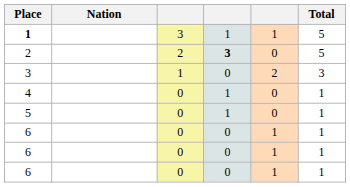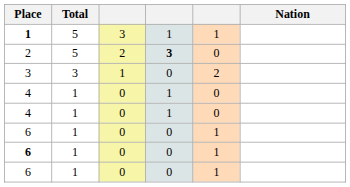 <table class=wikitable style="border:1px solid #AAAAAA;font-size:90%">
 <tr bgcolor="#EFEFEF">
 <th width=50>Place</th>
-<th width=120>Nation</th>
+<th width=50>Total</th>
 <th width=50></th>
 <th width=50></th>
 <th width=50></th>
-<th width=50>Total</th>
+<th width=120>Nation</th>
 </tr>
 <tr align="center" valign="top" bgcolor="#FFFFFF">
 <td><strong>1</strong></td>
-<td align="left"><strong></strong></td>
+<td>5</td>
 <td style="background:#F7F6A8;">3</td>
 <td style="background:#DCE5E5;">1</td>
 <td style="background:#FFDAB9;">1</td>
-<td>5</td>
+<td align="left"><strong></strong></td>
 </tr>
 <tr align="center" valign="top" bgcolor="#FFFFFF">
 <td>2</td>
-<td align="left"></td>
+<td>5</td>
 <td style="background:#F7F6A8;">2</td>
 <td style="background:#DCE5E5;"><strong>3</strong></td>
 <td style="background:#FFDAB9;">0</td>
-<td>5</td>
+<td align="left"></td>
 </tr>
 <tr align="center" valign="top" bgcolor="#FFFFFF">
 <td>3</td>
-<td align="left"></td>
+<td>3</td>
 <td style="background:#F7F6A8;">1</td>
 <td style="background:#DCE5E5;">0</td>
 <td style="background:#FFDAB9;">2</td>
-<td>3</td>
+<td align="left"></td>
 </tr>
 <tr align="center" valign="top" bgcolor="#FFFFFF">
 <td>4</td>
-<td align="left"></td>
+<td>1</td>
 <td style="background:#F7F6A8;">0</td>
 <td style="background:#DCE5E5;">1</td>
 <td style="background:#FFDAB9;">0</td>
-<td>1</td>
+<td align="left"></td>
 </tr>
 <tr align="center" valign="top" bgcolor="#FFFFFF">
-<td>5</td>
-<td align="left"></td>
+<td>4</td>
+<td>1</td>
 <td style="background:#F7F6A8;">0</td>
 <td style="background:#DCE5E5;">1</td>
 <td style="background:#FFDAB9;">0</td>
-<td>1</td>
+<td align="left"></td>
 </tr>
 <tr align="center" valign="top" bgcolor="#FFFFFF">
 <td>6</td>
-<td align="left"></td>
+<td>1</td>
 <td style="background:#F7F6A8;">0</td>
 <td style="background:#DCE5E5;">0</td>
 <td style="background:#FFDAB9;">1</td>
+<td align="left"></td>
+</tr>
+<tr align="center" valign="top" bgcolor="#FFFFFF">
+<td><strong>6</strong></td>
 <td>1</td>
+<td style="background:#F7F6A8;">0</td>
+<td style="background:#DCE5E5;">0</td>
+<td style="background:#FFDAB9;">1</td>
+<td align="left"></td>
 </tr>
 <tr align="center" valign="top" bgcolor="#FFFFFF">
 <td>6</td>
-<td align="left"></td>
+<td>1</td>
 <td style="background:#F7F6A8;">0</td>
 <td style="background:#DCE5E5;">0</td>
 <td style="background:#FFDAB9;">1</td>
-<td>1</td>
-</tr>
-<tr align="center" valign="top" bgcolor="#FFFFFF">
-<td>6</td>
 <td align="left"></td>
-<td style="background:#F7F6A8;">0</td>
-<td style="background:#DCE5E5;">0</td>
-<td style="background:#FFDAB9;">1</td>
-<td>1</td>
 </tr>
 </table>
